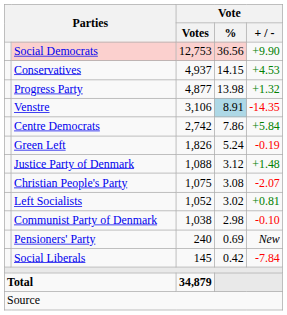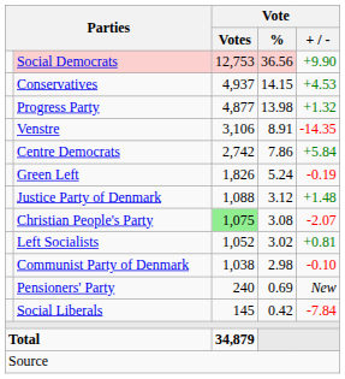 <table class="wikitable" style="text-align:right;">
 <tr>
 <th style="text-align:centre;" rowspan="2" colspan="2" width="225">Parties</th>
 <th colspan="3">Vote</th>
 </tr>
 <tr>
 <th width="15">Votes</th>
 <th width="15">%</th>
 <th width="15">+ / -</th>
 </tr>
 <tr>
 <td width="2" style="color:inherit;background:"></td>
 <td bgcolor=#fbd0ce  align="left"><a href='#'>Social Democrats</a></td>
 <td bgcolor=#fbd0ce>12,753</td>
 <td bgcolor=#fbd0ce>36.56</td>
 <td style=color:green;>+9.90</td>
 </tr>
 <tr>
 <td width="2" style="color:inherit;background:"></td>
 <td align="left"><a href='#'>Conservatives</a></td>
 <td>4,937</td>
 <td>14.15</td>
 <td style=color:green;>+4.53</td>
 </tr>
 <tr>
 <td width="2" style="color:inherit;background:"></td>
 <td align="left"><a href='#'>Progress Party</a></td>
 <td>4,877</td>
 <td>13.98</td>
 <td style=color:green;>+1.32</td>
 </tr>
 <tr>
 <td width="2" style="color:inherit;background:"></td>
 <td align="left"><a href='#'>Venstre</a></td>
 <td>3,106</td>
-<td style="background: lightblue;">8.91</td>
+<td>8.91</td>
 <td style=color:red;>-14.35</td>
 </tr>
 <tr>
 <td width="2" style="color:inherit;background:"></td>
 <td align="left"><a href='#'>Centre Democrats</a></td>
 <td>2,742</td>
 <td>7.86</td>
 <td style=color:green;>+5.84</td>
 </tr>
 <tr>
 <td width="2" style="color:inherit;background:"></td>
 <td align="left"><a href='#'>Green Left</a></td>
 <td>1,826</td>
 <td>5.24</td>
 <td style=color:red;>-0.19</td>
 </tr>
 <tr>
 <td width="2" style="color:inherit;background:"></td>
 <td align="left"><a href='#'>Justice Party of Denmark</a></td>
 <td>1,088</td>
 <td>3.12</td>
 <td style=color:green;>+1.48</td>
 </tr>
 <tr>
 <td width="2" style="color:inherit;background:"></td>
 <td align="left"><a href='#'>Christian People's Party</a></td>
-<td>1,075</td>
+<td style="background: lightgreen;">1,075</td>
 <td>3.08</td>
 <td style=color:red;>-2.07</td>
 </tr>
 <tr>
 <td width="2" style="color:inherit;background:"></td>
 <td align="left"><a href='#'>Left Socialists</a></td>
 <td>1,052</td>
 <td>3.02</td>
 <td style=color:green;>+0.81</td>
 </tr>
 <tr>
 <td width="2" style="color:inherit;background:"></td>
 <td align="left"><a href='#'>Communist Party of Denmark</a></td>
 <td>1,038</td>
 <td>2.98</td>
 <td style=color:red;>-0.10</td>
 </tr>
 <tr>
 <td width="2" style="color:inherit;background:"></td>
 <td align="left"><a href='#'>Pensioners' Party</a></td>
 <td>240</td>
 <td>0.69</td>
 <td><em>New</em></td>
 </tr>
 <tr>
 <td width="2" style="color:inherit;background:"></td>
 <td align="left"><a href='#'>Social Liberals</a></td>
 <td>145</td>
 <td>0.42</td>
 <td style=color:red;>-7.84</td>
 </tr>
 <tr>
 <td colspan="7" bgcolor="#E9E9E9"></td>
 </tr>
 <tr>
 <td align="left" colspan="2"><strong>Total</strong></td>
 <td><strong>34,879</strong></td>
 <td bgcolor="#E9E9E9" colspan="2"></td>
 </tr>
 <tr>
 <td align="left" colspan="6">Source</td>
 </tr>
 </table>
